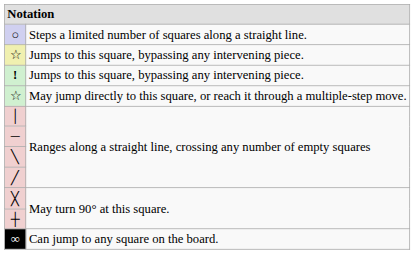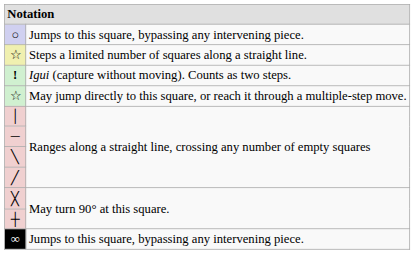 <table class="wikitable">
 <tr>
 <td colspan="2" style="background:#e0e0e0;"><strong>Notation</strong></td>
 </tr>
 <tr>
 <td style="background:#d0d0f0; text-align:center;">○</td>
+<td>Jumps to this square, bypassing any intervening piece.</td>
+</tr>
+<tr>
+<td width="20" style="background:#f0f0b0; text-align:center;">☆</td>
 <td>Steps a limited number of squares along a straight line.</td>
 </tr>
 <tr>
-<td width="20" style="background:#f0f0b0; text-align:center;">☆</td>
-<td>Jumps to this square, bypassing any intervening piece.</td>
-</tr>
-<tr>
 <td style="background:#d0f0d0; text-align:center;"><strong>!</strong></td>
-<td>Jumps to this square, bypassing any intervening piece.</td>
+<td><em>Igui</em> (capture without moving). Counts as two steps.</td>
 </tr>
 <tr>
 <td style="background:#d0f0d0; text-align:center;">☆</td>
 <td>May jump directly to this square, or reach it through a multiple-step move.</td>
 </tr>
 <tr>
 <td style="background:#f0d0d0; text-align:center;">│</td>
 <td rowspan=4>Ranges along a straight line, crossing any number of empty squares</td>
 </tr>
 <tr>
 <td style="background:#f0d0d0; text-align:center;">─</td>
 </tr>
 <tr>
 <td style="background:#f0d0d0; text-align:center;">╲</td>
 </tr>
 <tr>
 <td style="background:#f0d0d0; text-align:center;">╱</td>
 </tr>
 <tr>
 <td style="background:#f0d0d0; text-align:center;">╳</td>
 <td rowspan=2>May turn 90° at this square.</td>
 </tr>
 <tr>
 <td style="background:#f0d0d0; text-align:center;">┼</td>
 </tr>
 <tr>
 <td style="background:#000000; color:white; text-align:center;">∞</td>
-<td>Can jump to any square on the board.</td>
+<td>Jumps to this square, bypassing any intervening piece.</td>
 </tr>
 </table>
